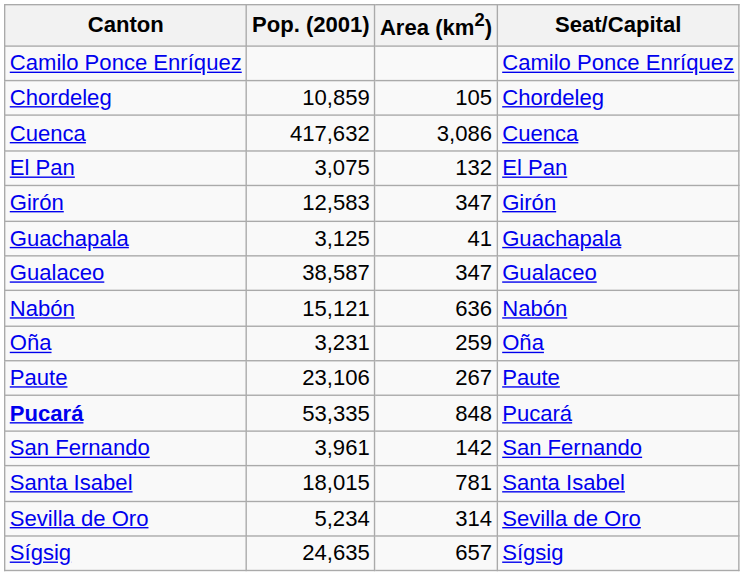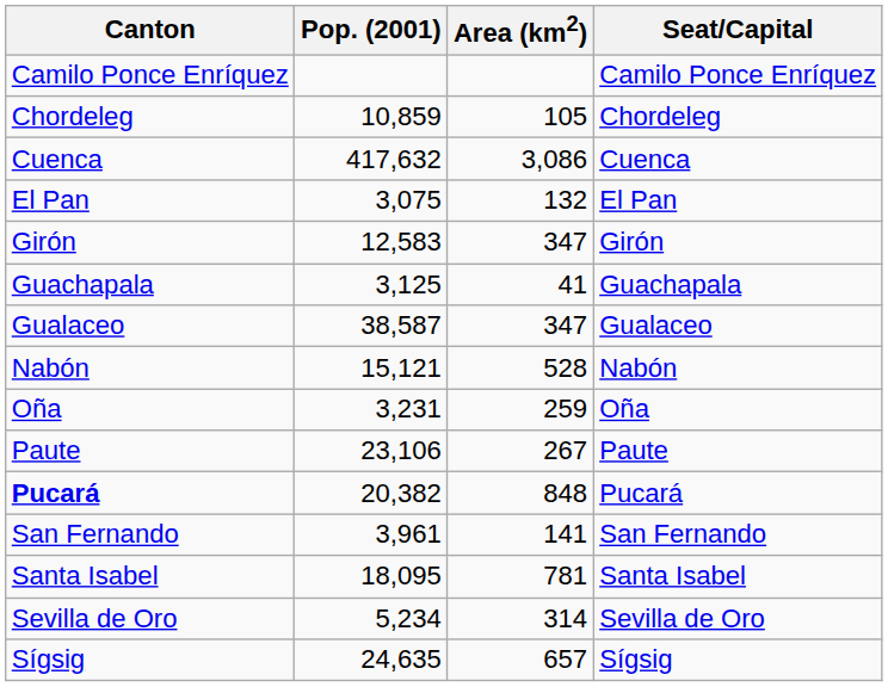 <table class="wikitable sortable">
 <tr>
 <th>Canton</th>
 <th>Pop. (2001)</th>
 <th>Area (km<sup>2</sup>)</th>
 <th>Seat/Capital</th>
 </tr>
 <tr>
 <td><a href='#'>Camilo Ponce Enríquez</a></td>
 <td align=right> </td>
 <td align=right> </td>
 <td><a href='#'>Camilo Ponce Enríquez</a></td>
 </tr>
 <tr>
 <td><a href='#'>Chordeleg</a></td>
 <td align=right>10,859</td>
 <td align=right>105</td>
 <td><a href='#'>Chordeleg</a></td>
 </tr>
 <tr>
 <td><a href='#'>Cuenca</a></td>
 <td align=right>417,632</td>
 <td align=right>3,086</td>
 <td><a href='#'>Cuenca</a></td>
 </tr>
 <tr>
 <td><a href='#'>El Pan</a></td>
 <td align=right>3,075</td>
 <td align=right>132</td>
 <td><a href='#'>El Pan</a></td>
 </tr>
 <tr>
 <td><a href='#'>Girón</a></td>
 <td align=right>12,583</td>
 <td align=right>347</td>
 <td><a href='#'>Girón</a></td>
 </tr>
 <tr>
 <td><a href='#'>Guachapala</a></td>
 <td align=right>3,125</td>
 <td align=right>41</td>
 <td><a href='#'>Guachapala</a></td>
 </tr>
 <tr>
 <td><a href='#'>Gualaceo</a></td>
 <td align=right>38,587</td>
 <td align=right>347</td>
 <td><a href='#'>Gualaceo</a></td>
 </tr>
 <tr>
 <td><a href='#'>Nabón</a></td>
 <td align=right>15,121</td>
-<td align=right>636</td>
+<td align=right>528</td>
 <td><a href='#'>Nabón</a></td>
 </tr>
 <tr>
 <td><a href='#'>Oña</a></td>
 <td align=right>3,231</td>
 <td align=right>259</td>
 <td><a href='#'>Oña</a></td>
 </tr>
 <tr>
 <td><a href='#'>Paute</a></td>
 <td align=right>23,106</td>
 <td align=right>267</td>
 <td><a href='#'>Paute</a></td>
 </tr>
 <tr>
 <td><strong><a href='#'>Pucará</a></strong></td>
-<td align=right>53,335</td>
+<td align=right>20,382</td>
 <td align=right>848</td>
 <td><a href='#'>Pucará</a></td>
 </tr>
 <tr>
 <td><a href='#'>San Fernando</a></td>
 <td align=right>3,961</td>
-<td align=right>142</td>
+<td align=right>141</td>
 <td><a href='#'>San Fernando</a></td>
 </tr>
 <tr>
 <td><a href='#'>Santa Isabel</a></td>
-<td align=right>18,015</td>
+<td align=right>18,095</td>
 <td align=right>781</td>
 <td><a href='#'>Santa Isabel</a></td>
 </tr>
 <tr>
 <td><a href='#'>Sevilla de Oro</a></td>
 <td align=right>5,234</td>
 <td align=right>314</td>
 <td><a href='#'>Sevilla de Oro</a></td>
 </tr>
 <tr>
 <td><a href='#'>Sígsig</a></td>
 <td align=right>24,635</td>
 <td align=right>657</td>
 <td><a href='#'>Sígsig</a></td>
 </tr>
 </table>
